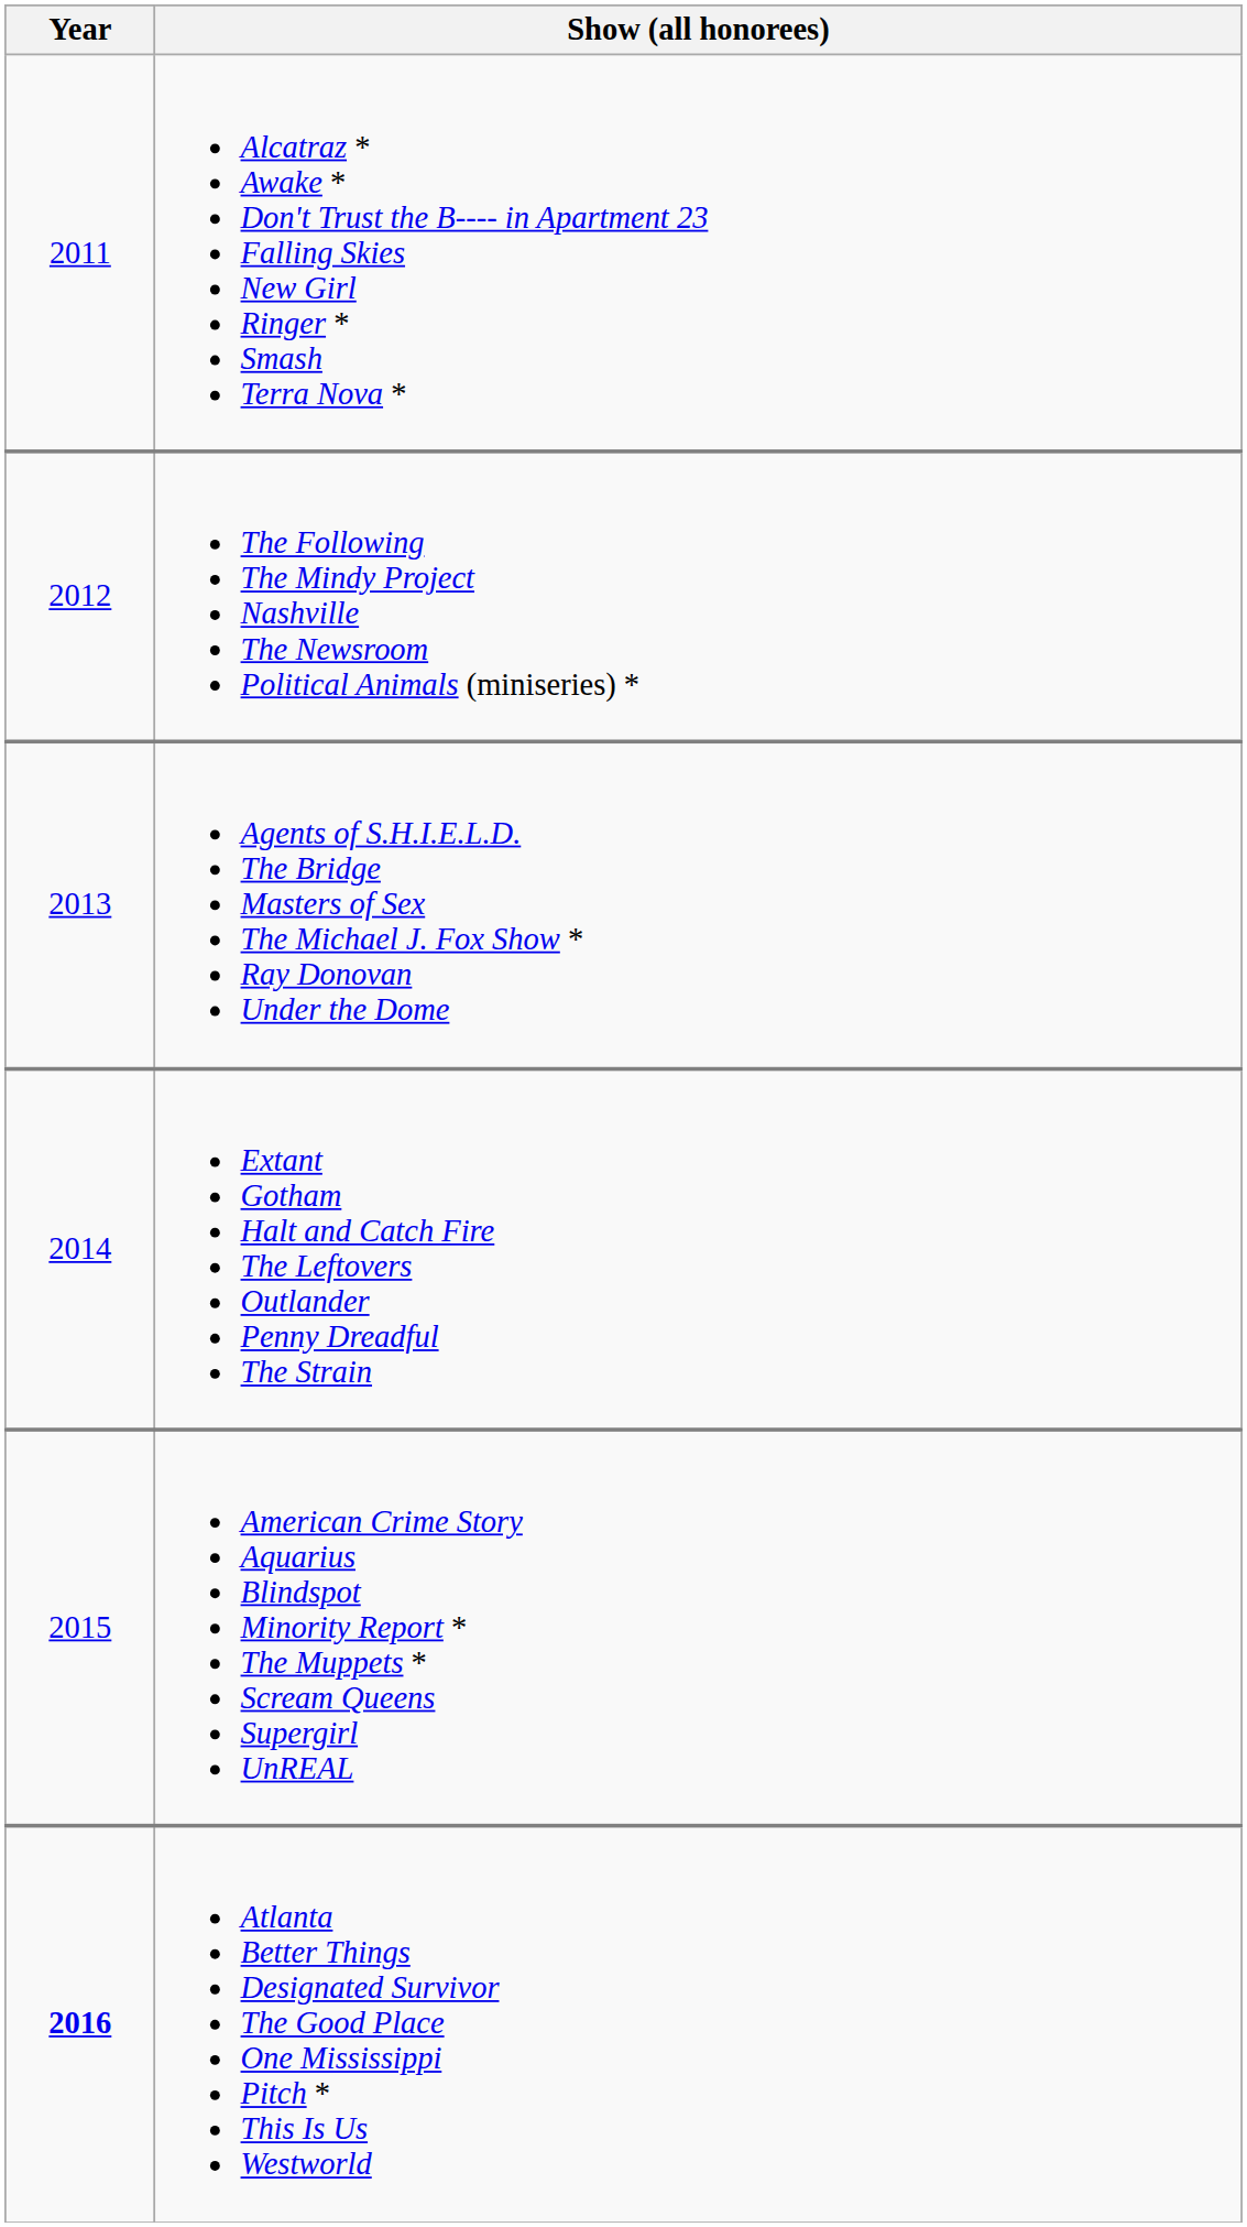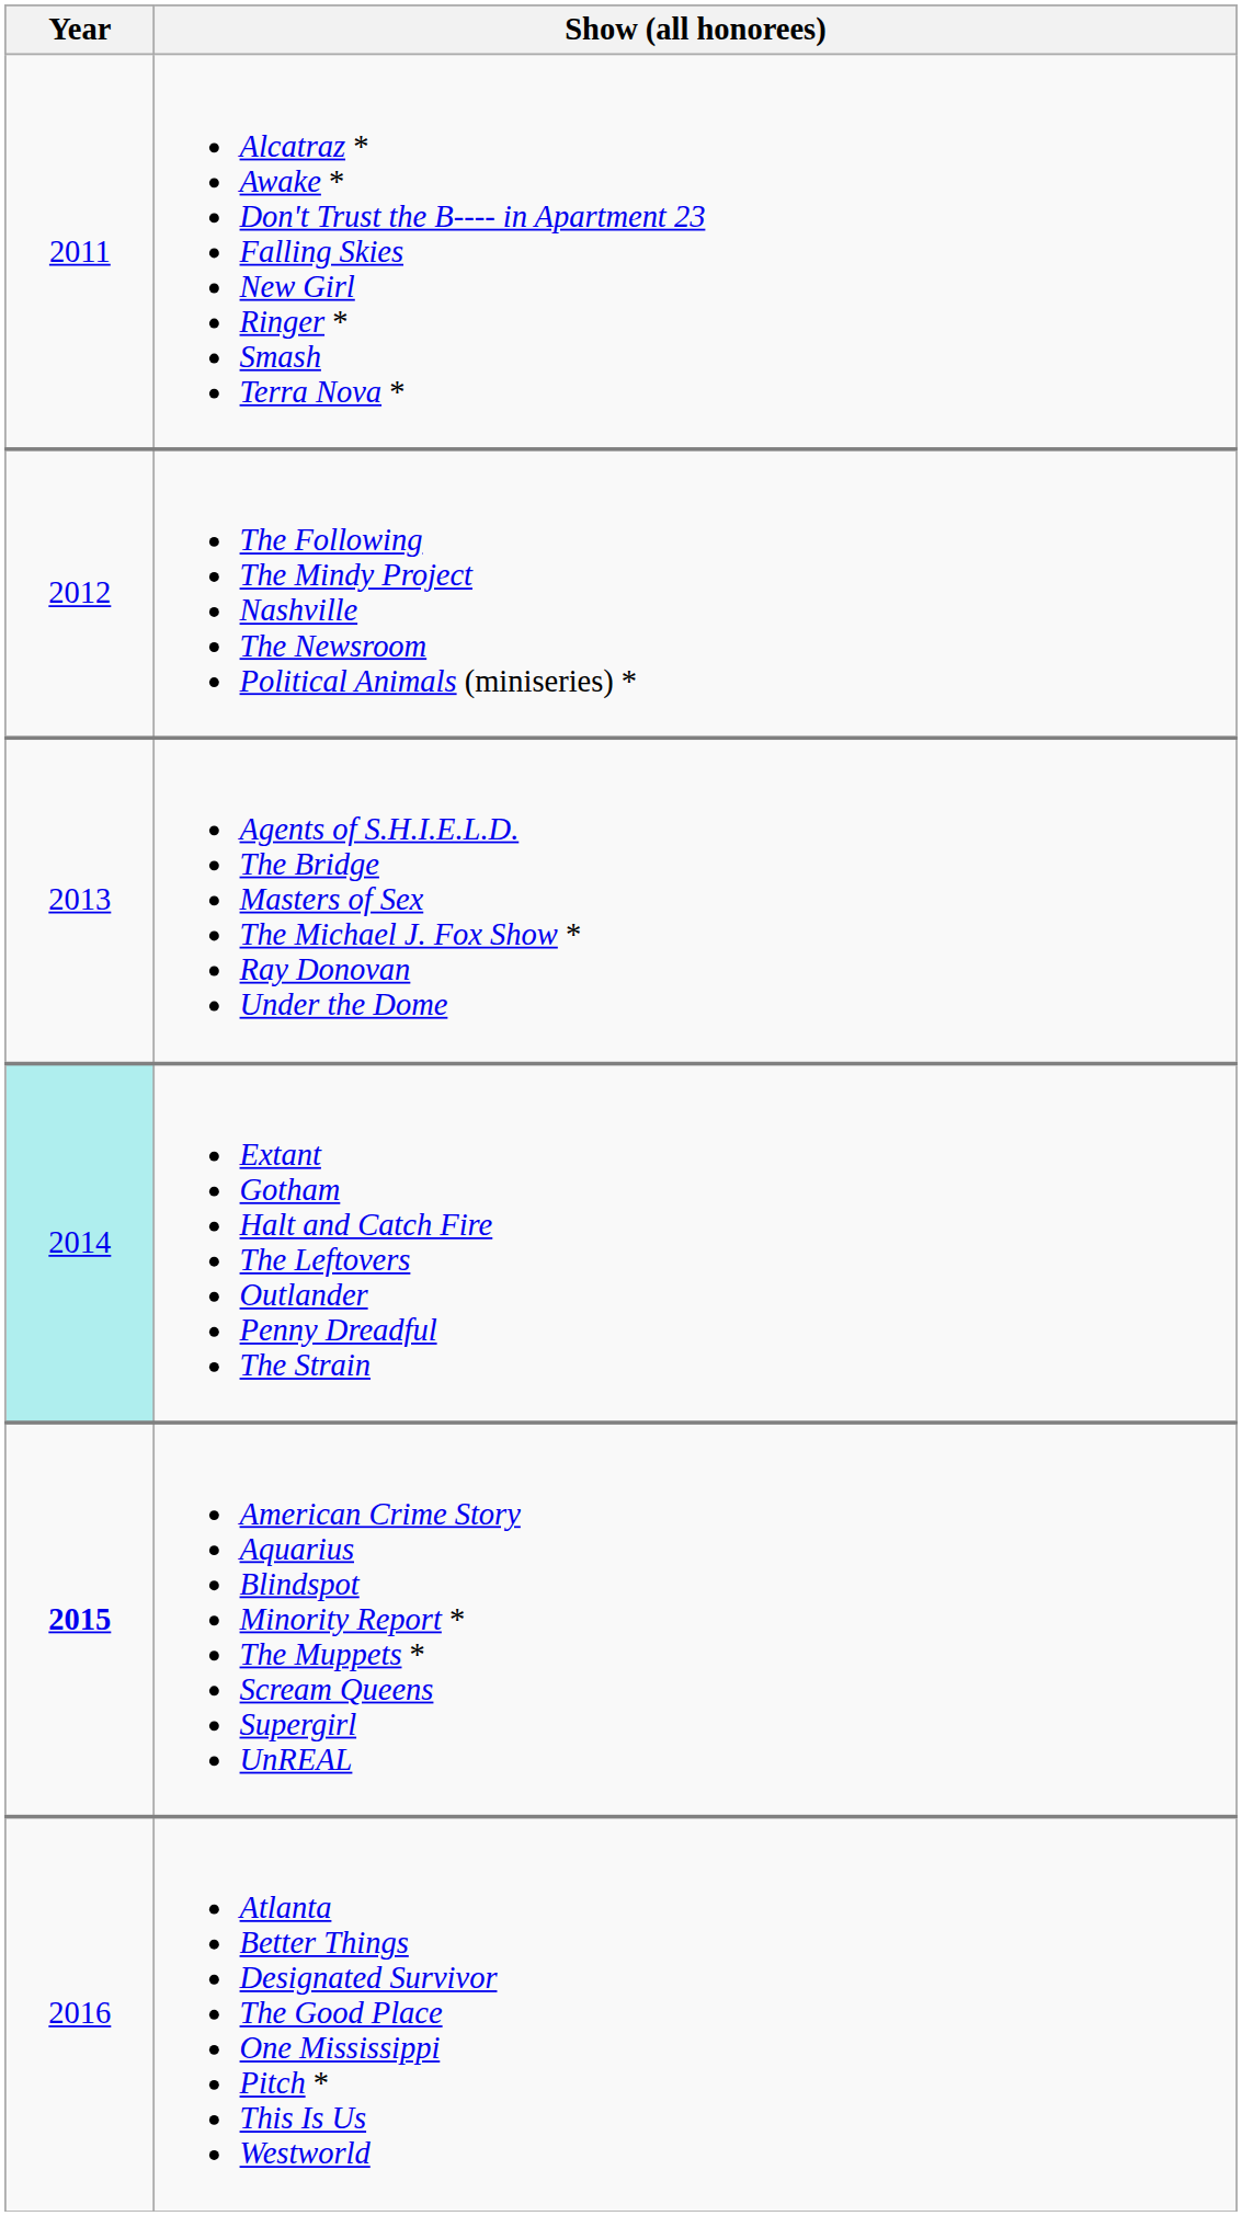 <table class="wikitable" width="50%" cellpadding="5">
 <tr>
 <th><strong>Year</strong></th>
 <th><strong>Show (all honorees)</strong></th>
 </tr>
 <tr>
 <td style="text-align:center;"><a href='#'>2011</a></td>
 <td valign="top"><br><ul><li><em><a href='#'>Alcatraz</a></em> *</li><li><em><a href='#'>Awake</a></em> *</li><li><em><a href='#'>Don't Trust the B---- in Apartment 23</a></em></li><li><em><a href='#'>Falling Skies</a></em></li><li><em><a href='#'>New Girl</a></em></li><li><em><a href='#'>Ringer</a></em> *</li><li><em><a href='#'>Smash</a></em></li><li><em><a href='#'>Terra Nova</a></em> *</li></ul></td>
 </tr>
 <tr style = "border-top:2px solid gray;">
 <td style="text-align:center;"><a href='#'>2012</a></td>
 <td valign="top"><br><ul><li><em><a href='#'>The Following</a></em></li><li><em><a href='#'>The Mindy Project</a></em></li><li><em><a href='#'>Nashville</a></em></li><li><em><a href='#'>The Newsroom</a></em></li><li><em><a href='#'>Political Animals</a></em> (miniseries) *</li></ul></td>
 </tr>
 <tr style = "border-top:2px solid gray;">
 <td style="text-align:center;"><a href='#'>2013</a></td>
 <td valign="top"><br><ul><li><em><a href='#'>Agents of S.H.I.E.L.D.</a></em></li><li><em><a href='#'>The Bridge</a></em></li><li><em><a href='#'>Masters of Sex</a></em></li><li><em><a href='#'>The Michael J. Fox Show</a></em> *</li><li><em><a href='#'>Ray Donovan</a></em></li><li><em><a href='#'>Under the Dome</a></em></li></ul></td>
 </tr>
 <tr style = "border-top:2px solid gray;">
-<td style="text-align:center;"><a href='#'>2014</a></td>
+<td style="background: paleturquoise; text-align:center;"><a href='#'>2014</a></td>
 <td valign="top"><br><ul><li><em><a href='#'>Extant</a></em></li><li><em><a href='#'>Gotham</a></em></li><li><em><a href='#'>Halt and Catch Fire</a></em></li><li><em><a href='#'>The Leftovers</a></em></li><li><em><a href='#'>Outlander</a></em></li><li><em><a href='#'>Penny Dreadful</a></em></li><li><em><a href='#'>The Strain</a></em></li></ul></td>
 </tr>
 <tr style = "border-top:2px solid gray;">
-<td style="text-align:center;"><a href='#'>2015</a></td>
+<td style="text-align:center;"><strong><a href='#'>2015</a></strong></td>
 <td valign="top"><br><ul><li><em><a href='#'>American Crime Story</a></em></li><li><em><a href='#'>Aquarius</a></em></li><li><em><a href='#'>Blindspot</a></em></li><li><em><a href='#'>Minority Report</a></em> *</li><li><em><a href='#'>The Muppets</a></em> *</li><li><em><a href='#'>Scream Queens</a></em></li><li><em><a href='#'>Supergirl</a></em></li><li><em><a href='#'>UnREAL</a></em></li></ul></td>
 </tr>
 <tr style = "border-top:2px solid gray;">
-<td style="text-align:center;"><strong><a href='#'>2016</a></strong></td>
+<td style="text-align:center;"><a href='#'>2016</a></td>
 <td valign="top"><br><ul><li><em><a href='#'>Atlanta</a></em></li><li><em><a href='#'>Better Things</a></em></li><li><em><a href='#'>Designated Survivor</a></em></li><li><em><a href='#'>The Good Place</a></em></li><li><em><a href='#'>One Mississippi</a></em></li><li><em><a href='#'>Pitch</a></em> *</li><li><em><a href='#'>This Is Us</a></em></li><li><em><a href='#'>Westworld</a></em></li></ul></td>
 </tr>
 </table>
